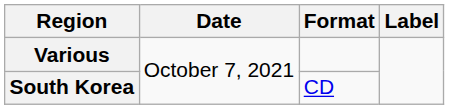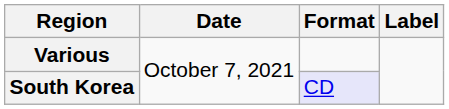 <table class="wikitable plainrowheaders">
 <tr>
 <th scope="col">Region</th>
 <th scope="col">Date</th>
 <th scope="col">Format</th>
 <th scope="col">Label</th>
 </tr>
 <tr>
 <th scope="row">Various</th>
 <td rowspan="2">October 7, 2021</td>
 <td></td>
 <td rowspan="2"></td>
 </tr>
 <tr>
 <th scope="row">South Korea</th>
-<td><a href='#'>CD</a></td>
+<td style="background: lavender;"><a href='#'>CD</a></td>
 </tr>
 </table>
